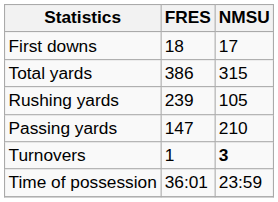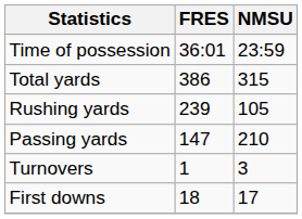 <table class="wikitable">
 <tr>
 <th>Statistics</th>
 <th>FRES</th>
 <th>NMSU</th>
 </tr>
 <tr>
-<td>First downs</td>
-<td>18</td>
-<td>17</td>
+<td>Time of possession</td>
+<td>36:01</td>
+<td>23:59</td>
 </tr>
 <tr>
 <td>Total yards</td>
 <td>386</td>
 <td>315</td>
 </tr>
 <tr>
 <td>Rushing yards</td>
 <td>239</td>
 <td>105</td>
 </tr>
 <tr>
 <td>Passing yards</td>
 <td>147</td>
 <td>210</td>
 </tr>
 <tr>
 <td>Turnovers</td>
 <td>1</td>
-<td><strong>3</strong></td>
+<td>3</td>
 </tr>
 <tr>
-<td>Time of possession</td>
-<td>36:01</td>
-<td>23:59</td>
+<td>First downs</td>
+<td>18</td>
+<td>17</td>
 </tr>
 <tr>
 </tr>
 </table>
